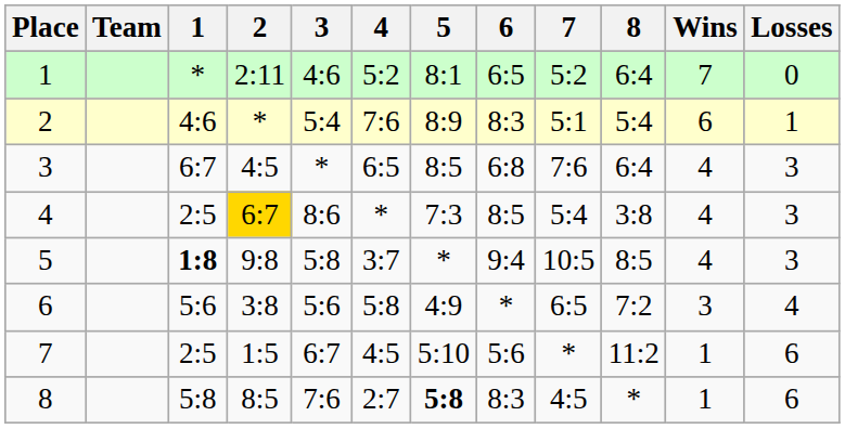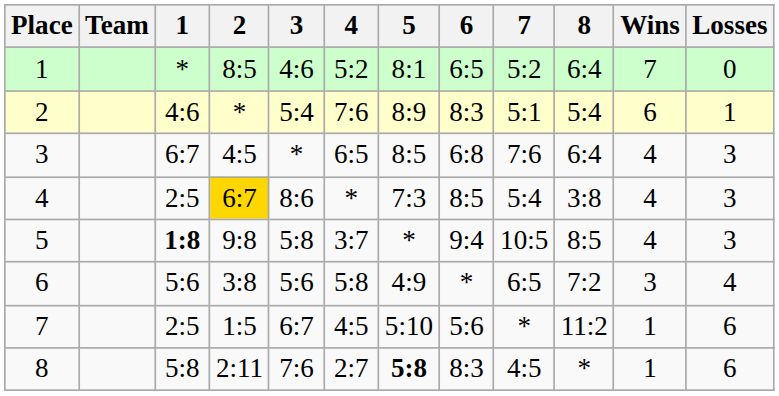 <table class="wikitable" style="text-align:center;">
 <tr>
 <th>Place</th>
 <th>Team</th>
 <th width="25">1</th>
 <th width="25">2</th>
 <th width="25">3</th>
 <th width="25">4</th>
 <th width="25">5</th>
 <th width="25">6</th>
 <th width="25">7</th>
 <th width="25">8</th>
 <th>Wins</th>
 <th>Losses</th>
 </tr>
 <tr bgcolor=#cfc>
 <td>1</td>
 <td align=left></td>
 <td>*</td>
-<td>2:11</td>
+<td>8:5</td>
 <td>4:6</td>
 <td>5:2</td>
 <td>8:1</td>
 <td>6:5</td>
 <td>5:2</td>
 <td>6:4</td>
 <td>7</td>
 <td>0</td>
 </tr>
 <tr bgcolor=#ffc>
 <td>2</td>
 <td align=left></td>
 <td>4:6</td>
 <td>*</td>
 <td>5:4</td>
 <td>7:6</td>
 <td>8:9</td>
 <td>8:3</td>
 <td>5:1</td>
 <td>5:4</td>
 <td>6</td>
 <td>1</td>
 </tr>
 <tr>
 <td>3</td>
 <td align=left></td>
 <td>6:7</td>
 <td>4:5</td>
 <td>*</td>
 <td>6:5</td>
 <td>8:5</td>
 <td>6:8</td>
 <td>7:6</td>
 <td>6:4</td>
 <td>4</td>
 <td>3</td>
 </tr>
 <tr>
 <td>4</td>
 <td align=left></td>
 <td>2:5</td>
 <td style="background: gold;">6:7</td>
 <td>8:6</td>
 <td>*</td>
 <td>7:3</td>
 <td>8:5</td>
 <td>5:4</td>
 <td>3:8</td>
 <td>4</td>
 <td>3</td>
 </tr>
 <tr>
 <td>5</td>
 <td align=left></td>
 <td><strong>1:8</strong></td>
 <td>9:8</td>
 <td>5:8</td>
 <td>3:7</td>
 <td>*</td>
 <td>9:4</td>
 <td>10:5</td>
 <td>8:5</td>
 <td>4</td>
 <td>3</td>
 </tr>
 <tr>
 <td>6</td>
 <td align=left></td>
 <td>5:6</td>
 <td>3:8</td>
 <td>5:6</td>
 <td>5:8</td>
 <td>4:9</td>
 <td>*</td>
 <td>6:5</td>
 <td>7:2</td>
 <td>3</td>
 <td>4</td>
 </tr>
 <tr>
 <td>7</td>
 <td align=left></td>
 <td>2:5</td>
 <td>1:5</td>
 <td>6:7</td>
 <td>4:5</td>
 <td>5:10</td>
 <td>5:6</td>
 <td>*</td>
 <td>11:2</td>
 <td>1</td>
 <td>6</td>
 </tr>
 <tr>
 <td>8</td>
 <td align=left></td>
 <td>5:8</td>
-<td>8:5</td>
+<td>2:11</td>
 <td>7:6</td>
 <td>2:7</td>
 <td><strong>5:8</strong></td>
 <td>8:3</td>
 <td>4:5</td>
 <td>*</td>
 <td>1</td>
 <td>6</td>
 </tr>
 </table>
